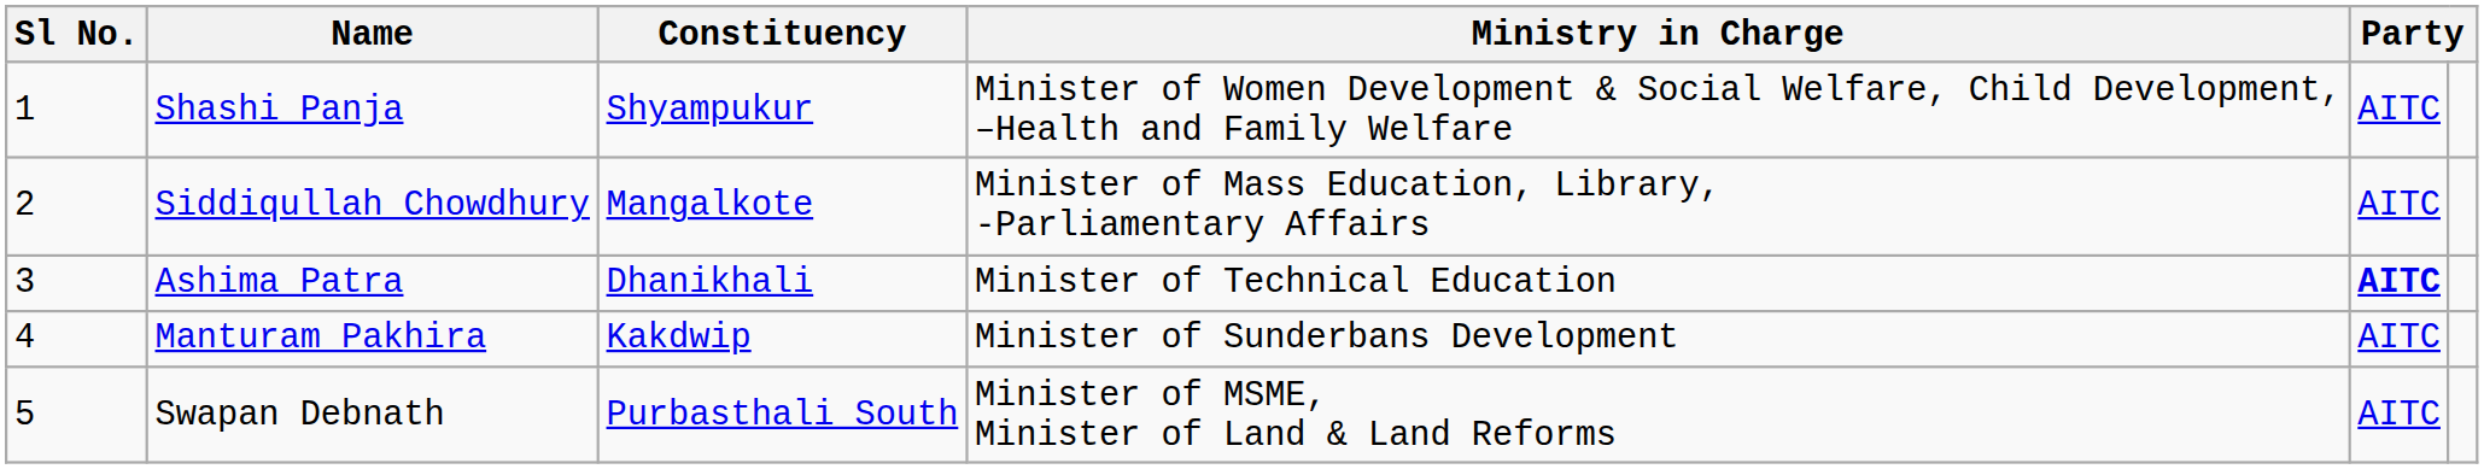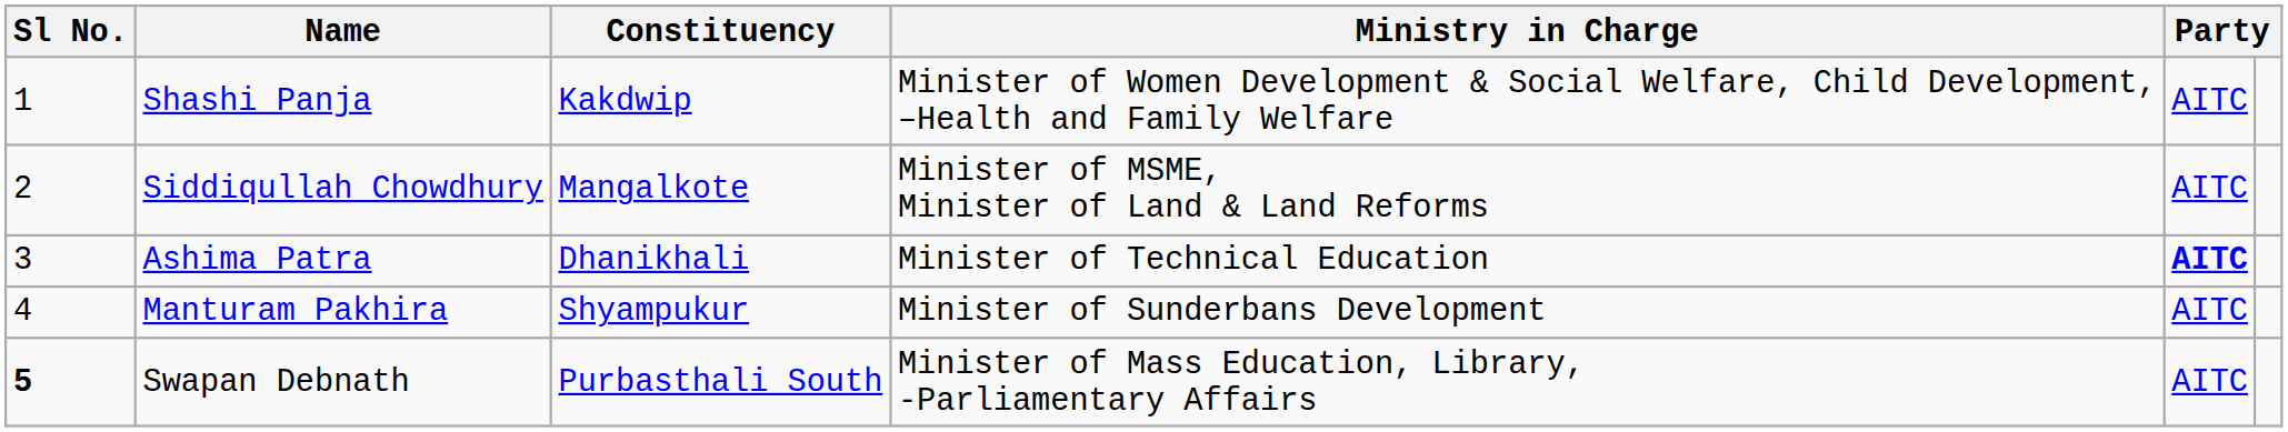 <table class="wikitable">
 <tr>
 <th>Sl No.</th>
 <th>Name</th>
 <th>Constituency</th>
 <th>Ministry in Charge</th>
 <th colspan="2" scope="col">Party</th>
 </tr>
 <tr>
 <td>1</td>
 <td><a href='#'>Shashi Panja</a></td>
-<td><a href='#'>Shyampukur</a></td>
+<td><a href='#'>Kakdwip</a></td>
 <td>Minister of Women Development & Social Welfare, Child Development,<br>–Health and Family Welfare</td>
 <td><a href='#'>AITC</a></td>
 <td width="4px" style="background-color: "></td>
 </tr>
 <tr>
 <td>2</td>
 <td><a href='#'>Siddiqullah Chowdhury</a></td>
 <td><a href='#'>Mangalkote</a></td>
-<td>Minister of Mass Education, Library,<br>-Parliamentary Affairs</td>
+<td>Minister of MSME,<br> Minister of Land & Land Reforms</td>
 <td><a href='#'>AITC</a></td>
 <td width="4px" style="background-color: "></td>
 </tr>
 <tr>
 <td>3</td>
 <td><a href='#'>Ashima Patra</a></td>
 <td><a href='#'>Dhanikhali</a></td>
 <td>Minister of Technical Education</td>
 <td><strong><a href='#'>AITC</a></strong></td>
 <td width="4px" style="background-color: "></td>
 </tr>
 <tr>
 <td>4</td>
 <td><a href='#'>Manturam Pakhira</a></td>
-<td><a href='#'>Kakdwip</a></td>
+<td><a href='#'>Shyampukur</a></td>
 <td>Minister of Sunderbans Development</td>
 <td><a href='#'>AITC</a></td>
 <td width="4px" style="background-color: "></td>
 </tr>
 <tr>
-<td>5</td>
+<td><strong>5</strong></td>
 <td>Swapan Debnath</td>
 <td><a href='#'>Purbasthali South</a></td>
-<td>Minister of MSME,<br> Minister of Land & Land Reforms</td>
+<td>Minister of Mass Education, Library,<br>-Parliamentary Affairs</td>
 <td><a href='#'>AITC</a></td>
 <td width="4px" style="background-color: "></td>
 </tr>
 </table>
